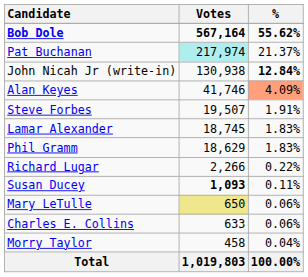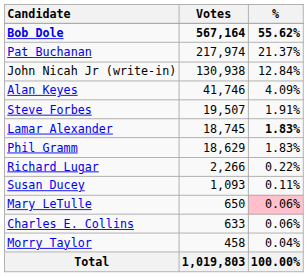 <table class="wikitable sortable plainrowheaders" style="text-align:right;">
 <tr>
 <th style="text-align:left;">Candidate</th>
 <th>Votes</th>
 <th>%</th>
 </tr>
 <tr>
 </tr>
 <tr>
 <td style="text-align:left;"><strong><a href='#'>Bob Dole</a></strong></td>
 <td><strong>567,164</strong></td>
 <td><strong>55.62%</strong></td>
 </tr>
 <tr>
 <td style="text-align:left;"><a href='#'>Pat Buchanan</a></td>
-<td style="background: paleturquoise;">217,974</td>
+<td>217,974</td>
 <td>21.37%</td>
 </tr>
 <tr>
 <td style="text-align:left;">John Nicah Jr (write-in)</td>
 <td>130,938</td>
-<td><strong>12.84%</strong></td>
+<td>12.84%</td>
 </tr>
 <tr>
 <td style="text-align:left;"><a href='#'>Alan Keyes</a></td>
 <td>41,746</td>
-<td style="background: lightsalmon;">4.09%</td>
+<td>4.09%</td>
 </tr>
 <tr>
 <td style="text-align:left;"><a href='#'>Steve Forbes</a></td>
 <td>19,507</td>
 <td>1.91%</td>
 </tr>
 <tr>
 <td style="text-align:left;"><a href='#'>Lamar Alexander</a></td>
 <td>18,745</td>
-<td>1.83%</td>
+<td><strong>1.83%</strong></td>
 </tr>
 <tr>
 <td style="text-align:left;"><a href='#'>Phil Gramm</a></td>
 <td>18,629</td>
 <td>1.83%</td>
 </tr>
 <tr>
 <td style="text-align:left;"><a href='#'>Richard Lugar</a></td>
 <td>2,266</td>
 <td>0.22%</td>
 </tr>
 <tr>
 <td style="text-align:left;"><a href='#'>Susan Ducey</a></td>
-<td><strong>1,093</strong></td>
+<td>1,093</td>
 <td>0.11%</td>
 </tr>
 <tr>
 <td style="text-align:left;"><a href='#'>Mary LeTulle</a></td>
-<td style="background: khaki;">650</td>
-<td>0.06%</td>
+<td>650</td>
+<td style="background: pink;">0.06%</td>
 </tr>
 <tr>
 <td style="text-align:left;"><a href='#'>Charles E. Collins</a></td>
 <td>633</td>
 <td>0.06%</td>
 </tr>
 <tr>
 <td style="text-align:left;"><a href='#'>Morry Taylor</a></td>
 <td>458</td>
 <td>0.04%</td>
 </tr>
 <tr class="sortbottom">
 <th>Total</th>
 <th>1,019,803</th>
 <th>100.00%</th>
 </tr>
 </table>
